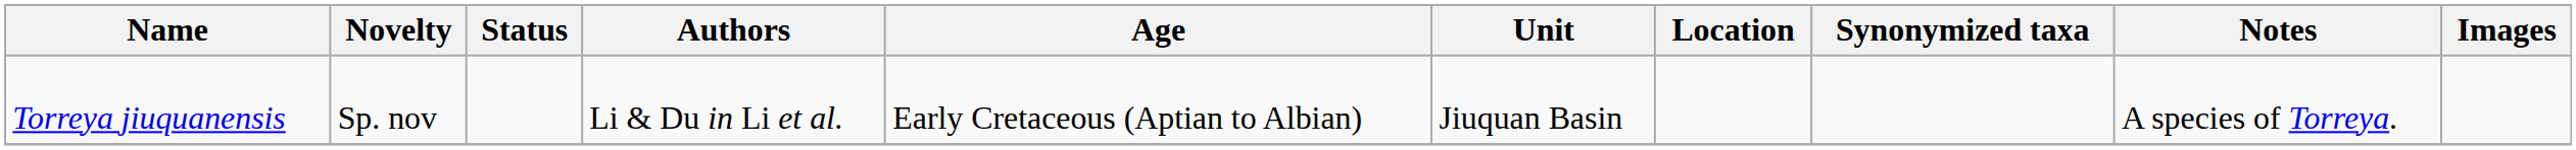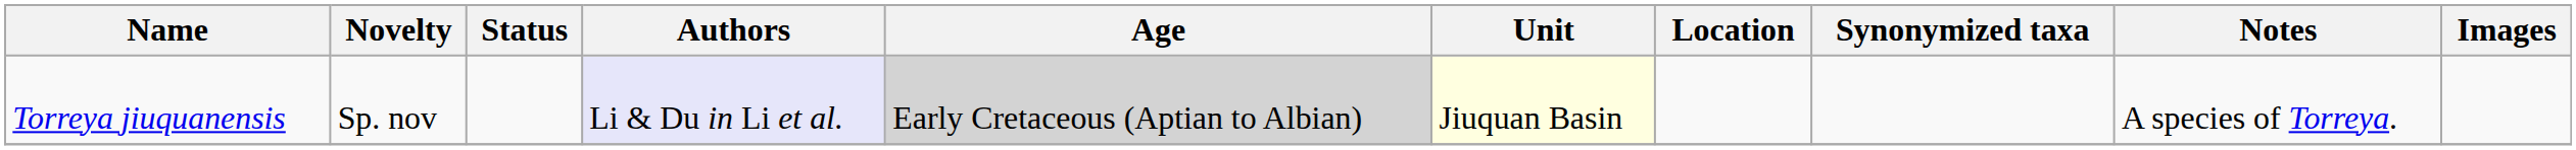 <table class="wikitable sortable" align="center" width="100%">
 <tr>
 <th>Name</th>
 <th>Novelty</th>
 <th>Status</th>
 <th>Authors</th>
 <th>Age</th>
 <th>Unit</th>
 <th>Location</th>
 <th>Synonymized taxa</th>
 <th>Notes</th>
 <th>Images</th>
 </tr>
 <tr>
 <td><br><em><a href='#'>Torreya jiuquanensis</a></em></td>
 <td><br>Sp. nov</td>
 <td></td>
-<td><br>Li & Du <em>in</em> Li <em>et al.</em></td>
-<td><br>Early Cretaceous (Aptian to Albian)</td>
-<td><br>Jiuquan Basin</td>
+<td style="background: lavender;"><br>Li & Du <em>in</em> Li <em>et al.</em></td>
+<td style="background: lightgrey;"><br>Early Cretaceous (Aptian to Albian)</td>
+<td style="background: lightyellow;"><br>Jiuquan Basin</td>
 <td><br></td>
 <td></td>
 <td><br>A species of <em><a href='#'>Torreya</a></em>.</td>
 <td></td>
 </tr>
 <tr>
 </tr>
 </table>
